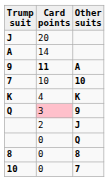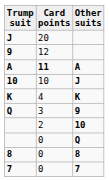 <table class="wikitable" align="right">
 <tr>
 <th style="background:#efefef;">Trump<br>suit</th>
 <th style="background:#efefef;">Card<br>points</th>
 <th style="background:#efefef;">Other<br>suits</th>
 </tr>
 <tr>
 <td><strong>J</strong></td>
 <td>20</td>
 <td></td>
 </tr>
 <tr>
-<td><strong>A</strong></td>
-<td>14</td>
+<td><strong>9</strong></td>
+<td>12</td>
 <td></td>
 </tr>
 <tr>
-<td><strong>9</strong></td>
+<td><strong>A</strong></td>
 <td><strong>11</strong></td>
 <td><strong>A</strong></td>
 </tr>
 <tr>
-<td><strong>7</strong></td>
+<td><strong>10</strong></td>
 <td>10</td>
-<td><strong>10</strong></td>
+<td><strong>J</strong></td>
 </tr>
 <tr>
 <td><strong>K</strong></td>
 <td>4</td>
 <td><strong>K</strong></td>
 </tr>
 <tr>
 <td><strong>Q</strong></td>
-<td style="background: pink;">3</td>
+<td>3</td>
 <td><strong>9</strong></td>
 </tr>
 <tr>
 <td></td>
 <td>2</td>
-<td><strong>J</strong></td>
+<td><strong>10</strong></td>
 </tr>
 <tr>
 <td></td>
 <td>0</td>
 <td><strong>Q</strong></td>
 </tr>
 <tr>
 <td><strong>8</strong></td>
 <td>0</td>
 <td><strong>8</strong></td>
 </tr>
 <tr>
-<td><strong>10</strong></td>
+<td><strong>7</strong></td>
 <td>0</td>
 <td><strong>7</strong></td>
 </tr>
 </table>
